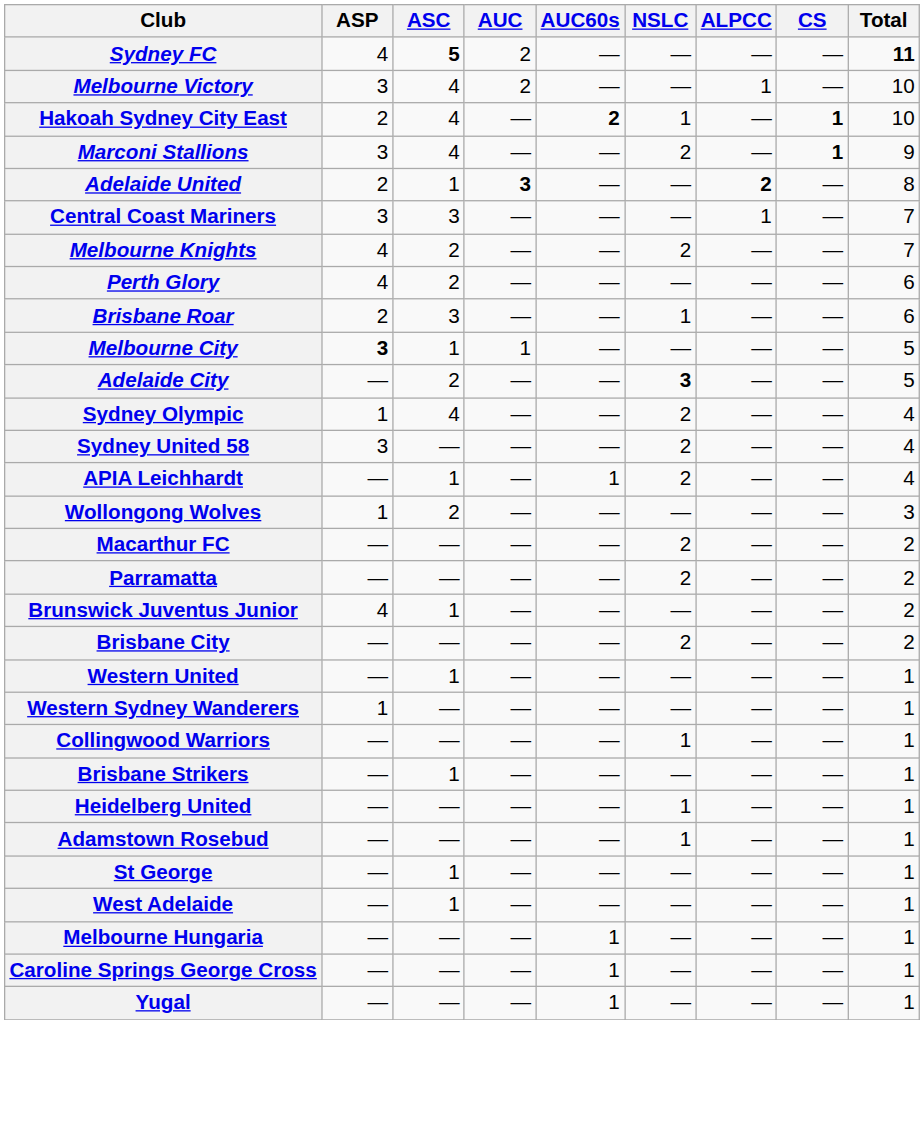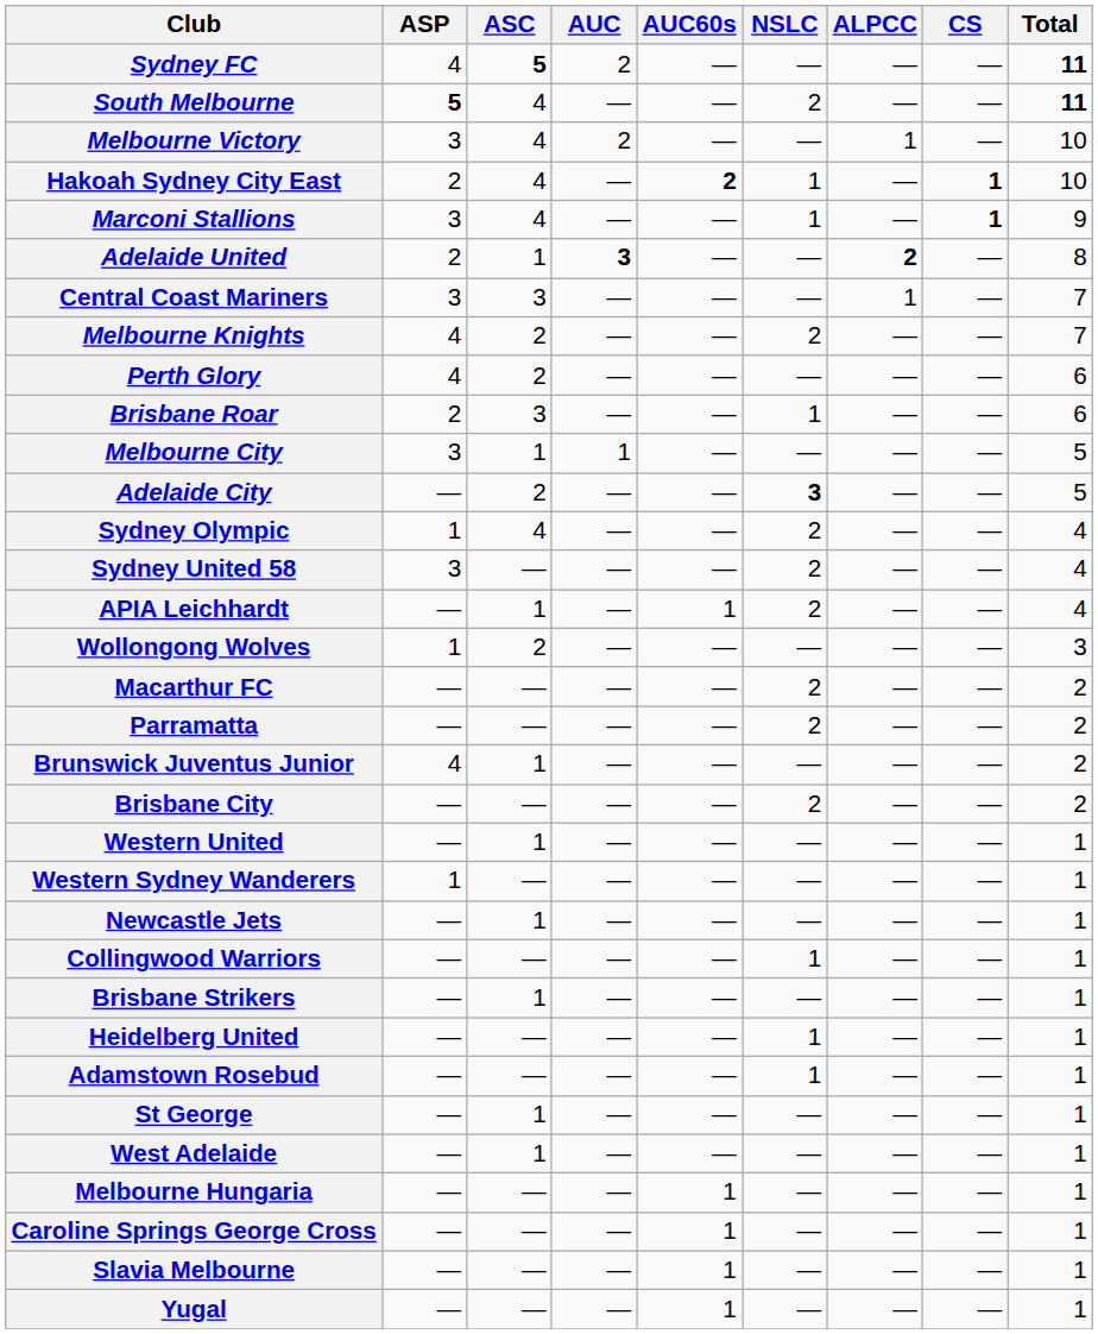 <table class="sortable wikitable mw-datatable plainrowheaders" style="text-align: right">
 <tr>
 <th>Club</th>
 <th data-sort-type="number" style="width:3em" scope="col" abbr="League Premiers">ASP</th>
 <th data-sort-type="number" style="width:3em" scope="col" abbr="League Champions"><a href='#'>ASC</a></th>
 <th data-sort-type="number" style="width:3em" scope="col" abbr="Australia Cup"><a href='#'>AUC</a></th>
 <th data-sort-type="number" style="width:3em" scope="col" abbr="Australia Cup (1962–1968)"><a href='#'>AUC60s</a></th>
 <th data-sort-type="number" style="width:3em" scope="col" abbr="N.S.L. Cup"><a href='#'>NSLC</a></th>
 <th data-sort-type="number" style="width:3em" scope="col" abbr="A-League Pre-Season Challenge Cup"><a href='#'>ALPCC</a></th>
 <th data-sort-type="number" style="width:3em" scope="col" abbr="A-League Pre-Season Challenge Cup"><a href='#'>CS</a></th>
 <th data-sort-type="number" style="width:3em" scope="col">Total</th>
 </tr>
 <tr>
 <th scope="row"><em><a href='#'>Sydney FC</a></em></th>
 <td>4</td>
 <td><strong>5</strong></td>
 <td>2</td>
 <td>—</td>
 <td>—</td>
+<td>—</td>
+<td>—</td>
+<td><strong>11</strong></td>
+</tr>
+<tr>
+<th scope="row"><em><a href='#'>South Melbourne</a></em></th>
+<td><strong>5</strong></td>
+<td>4</td>
+<td>—</td>
+<td>—</td>
+<td>2</td>
 <td>—</td>
 <td>—</td>
 <td><strong>11</strong></td>
 </tr>
 <tr>
 <th scope="row"><em><a href='#'>Melbourne Victory</a></em></th>
 <td>3</td>
 <td>4</td>
 <td>2</td>
 <td>—</td>
 <td>—</td>
 <td>1</td>
 <td>—</td>
 <td>10</td>
 </tr>
 <tr>
 <th scope="row"><a href='#'>Hakoah Sydney City East</a></th>
 <td>2</td>
 <td>4</td>
 <td>—</td>
 <td><strong>2</strong></td>
 <td>1</td>
 <td>—</td>
 <td><strong>1</strong></td>
 <td>10</td>
 </tr>
 <tr>
 <th scope="row"><em><a href='#'>Marconi Stallions</a></em></th>
 <td>3</td>
 <td>4</td>
 <td>—</td>
 <td>—</td>
-<td>2</td>
+<td>1</td>
 <td>—</td>
 <td><strong>1</strong></td>
 <td>9</td>
 </tr>
 <tr>
 <th scope="row"><em><a href='#'>Adelaide United</a></em></th>
 <td>2</td>
 <td>1</td>
 <td><strong>3</strong></td>
 <td>—</td>
 <td>—</td>
 <td><strong>2</strong></td>
 <td>—</td>
 <td>8</td>
 </tr>
 <tr>
 <th scope="row"><a href='#'>Central Coast Mariners</a></th>
 <td>3</td>
 <td>3</td>
 <td>—</td>
 <td>—</td>
 <td>—</td>
 <td>1</td>
 <td>—</td>
 <td>7</td>
 </tr>
 <tr>
 <th scope="row"><em><a href='#'>Melbourne Knights</a></em></th>
 <td>4</td>
 <td>2</td>
 <td>—</td>
 <td>—</td>
 <td>2</td>
 <td>—</td>
 <td>—</td>
 <td>7</td>
 </tr>
 <tr>
 <th scope="row"><em><a href='#'>Perth Glory</a></em></th>
 <td>4</td>
 <td>2</td>
 <td>—</td>
 <td>—</td>
 <td>—</td>
 <td>—</td>
 <td>—</td>
 <td>6</td>
 </tr>
 <tr>
 <th scope="row"><em><a href='#'>Brisbane Roar</a></em></th>
 <td>2</td>
 <td>3</td>
 <td>—</td>
 <td>—</td>
 <td>1</td>
 <td>—</td>
 <td>—</td>
 <td>6</td>
 </tr>
 <tr>
 <th scope="row"><em><a href='#'>Melbourne City</a></em></th>
-<td><strong>3</strong></td>
+<td>3</td>
 <td>1</td>
 <td>1</td>
 <td>—</td>
 <td>—</td>
 <td>—</td>
 <td>—</td>
 <td>5</td>
 </tr>
 <tr>
 <th scope="row"><em><a href='#'>Adelaide City</a></em></th>
 <td>—</td>
 <td>2</td>
 <td>—</td>
 <td>—</td>
 <td><strong>3</strong></td>
 <td>—</td>
 <td>—</td>
 <td>5</td>
 </tr>
 <tr>
 <th scope="row"><a href='#'>Sydney Olympic</a></th>
 <td>1</td>
 <td>4</td>
 <td>—</td>
 <td>—</td>
 <td>2</td>
 <td>—</td>
 <td>—</td>
 <td>4</td>
 </tr>
 <tr>
 <th scope="row"><a href='#'>Sydney United 58</a></th>
 <td>3</td>
 <td>—</td>
 <td>—</td>
 <td>—</td>
 <td>2</td>
 <td>—</td>
 <td>—</td>
 <td>4</td>
 </tr>
 <tr>
 <th scope="row"><a href='#'>APIA Leichhardt</a></th>
 <td>—</td>
 <td>1</td>
 <td>—</td>
 <td>1</td>
 <td>2</td>
 <td>—</td>
 <td>—</td>
 <td>4</td>
 </tr>
 <tr>
 <th scope="row"><a href='#'>Wollongong Wolves</a></th>
 <td>1</td>
 <td>2</td>
 <td>—</td>
 <td>—</td>
 <td>—</td>
 <td>—</td>
 <td>—</td>
 <td>3</td>
 </tr>
 <tr>
 <th scope="row"><a href='#'>Macarthur FC</a></th>
 <td>—</td>
 <td>—</td>
 <td>—</td>
 <td>—</td>
 <td>2</td>
 <td>—</td>
 <td>—</td>
 <td>2</td>
 </tr>
 <tr>
 <th scope="row"><a href='#'>Parramatta</a></th>
 <td>—</td>
 <td>—</td>
 <td>—</td>
 <td>—</td>
 <td>2</td>
 <td>—</td>
 <td>—</td>
 <td>2</td>
 </tr>
 <tr>
 <th scope="row"><a href='#'>Brunswick Juventus Junior</a></th>
 <td>4</td>
 <td>1</td>
 <td>—</td>
 <td>—</td>
 <td>—</td>
 <td>—</td>
 <td>—</td>
 <td>2</td>
 </tr>
 <tr>
 <th scope="row"><a href='#'>Brisbane City</a></th>
 <td>—</td>
 <td>—</td>
 <td>—</td>
 <td>—</td>
 <td>2</td>
 <td>—</td>
 <td>—</td>
 <td>2</td>
 </tr>
 <tr>
 <th scope="row"><a href='#'>Western United</a></th>
 <td>—</td>
 <td>1</td>
 <td>—</td>
 <td>—</td>
 <td>—</td>
 <td>—</td>
 <td>—</td>
 <td>1</td>
 </tr>
 <tr>
 <th scope="row"><a href='#'>Western Sydney Wanderers</a></th>
 <td>1</td>
 <td>—</td>
 <td>—</td>
 <td>—</td>
 <td>—</td>
 <td>—</td>
 <td>—</td>
 <td>1</td>
 </tr>
 <tr>
+<th scope="row"><a href='#'>Newcastle Jets</a></th>
+<td>—</td>
+<td>1</td>
+<td>—</td>
+<td>—</td>
+<td>—</td>
+<td>—</td>
+<td>—</td>
+<td>1</td>
+</tr>
+<tr>
 <th scope="row"><a href='#'>Collingwood Warriors</a></th>
 <td>—</td>
 <td>—</td>
 <td>—</td>
 <td>—</td>
 <td>1</td>
 <td>—</td>
 <td>—</td>
 <td>1</td>
 </tr>
 <tr>
 <th scope="row"><a href='#'>Brisbane Strikers</a></th>
 <td>—</td>
 <td>1</td>
 <td>—</td>
 <td>—</td>
 <td>—</td>
 <td>—</td>
 <td>—</td>
 <td>1</td>
 </tr>
 <tr>
 <th scope="row"><a href='#'>Heidelberg United</a></th>
 <td>—</td>
 <td>—</td>
 <td>—</td>
 <td>—</td>
 <td>1</td>
 <td>—</td>
 <td>—</td>
 <td>1</td>
 </tr>
 <tr>
 <th scope="row"><a href='#'>Adamstown Rosebud</a></th>
 <td>—</td>
 <td>—</td>
 <td>—</td>
 <td>—</td>
 <td>1</td>
 <td>—</td>
 <td>—</td>
 <td>1</td>
 </tr>
 <tr>
 <th scope="row"><a href='#'>St George</a></th>
 <td>—</td>
 <td>1</td>
 <td>—</td>
 <td>—</td>
 <td>—</td>
 <td>—</td>
 <td>—</td>
 <td>1</td>
 </tr>
 <tr>
 <th scope="row"><a href='#'>West Adelaide</a></th>
 <td>—</td>
 <td>1</td>
 <td>—</td>
 <td>—</td>
 <td>—</td>
 <td>—</td>
 <td>—</td>
 <td>1</td>
 </tr>
 <tr>
 <th scope="row"><a href='#'>Melbourne Hungaria</a></th>
 <td>—</td>
 <td>—</td>
 <td>—</td>
 <td>1</td>
 <td>—</td>
 <td>—</td>
 <td>—</td>
 <td>1</td>
 </tr>
 <tr>
 <th scope="row"><a href='#'>Caroline Springs George Cross</a></th>
 <td>—</td>
 <td>—</td>
 <td>—</td>
 <td>1</td>
 <td>—</td>
 <td>—</td>
 <td>—</td>
 <td>1</td>
 </tr>
 <tr>
+<th scope="row"><a href='#'>Slavia Melbourne</a></th>
+<td>—</td>
+<td>—</td>
+<td>—</td>
+<td>1</td>
+<td>—</td>
+<td>—</td>
+<td>—</td>
+<td>1</td>
+</tr>
+<tr>
 <th scope="row"><a href='#'>Yugal</a></th>
 <td>—</td>
 <td>—</td>
 <td>—</td>
 <td>1</td>
 <td>—</td>
 <td>—</td>
 <td>—</td>
 <td>1</td>
 </tr>
 </table>
